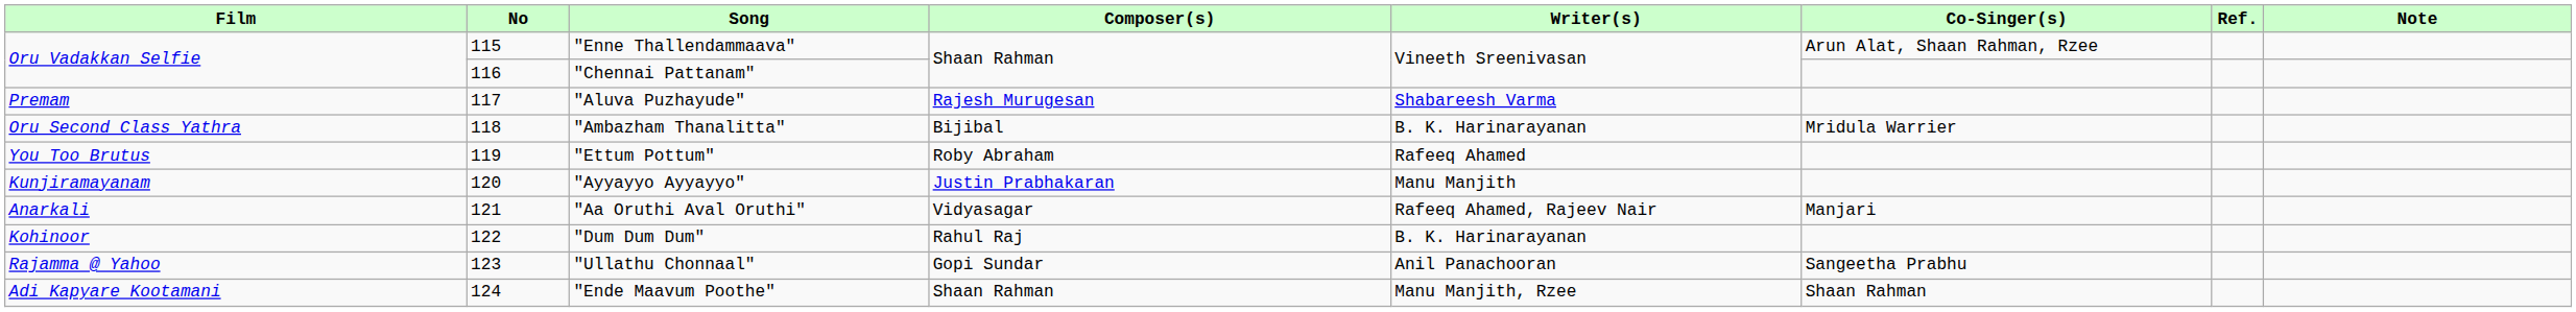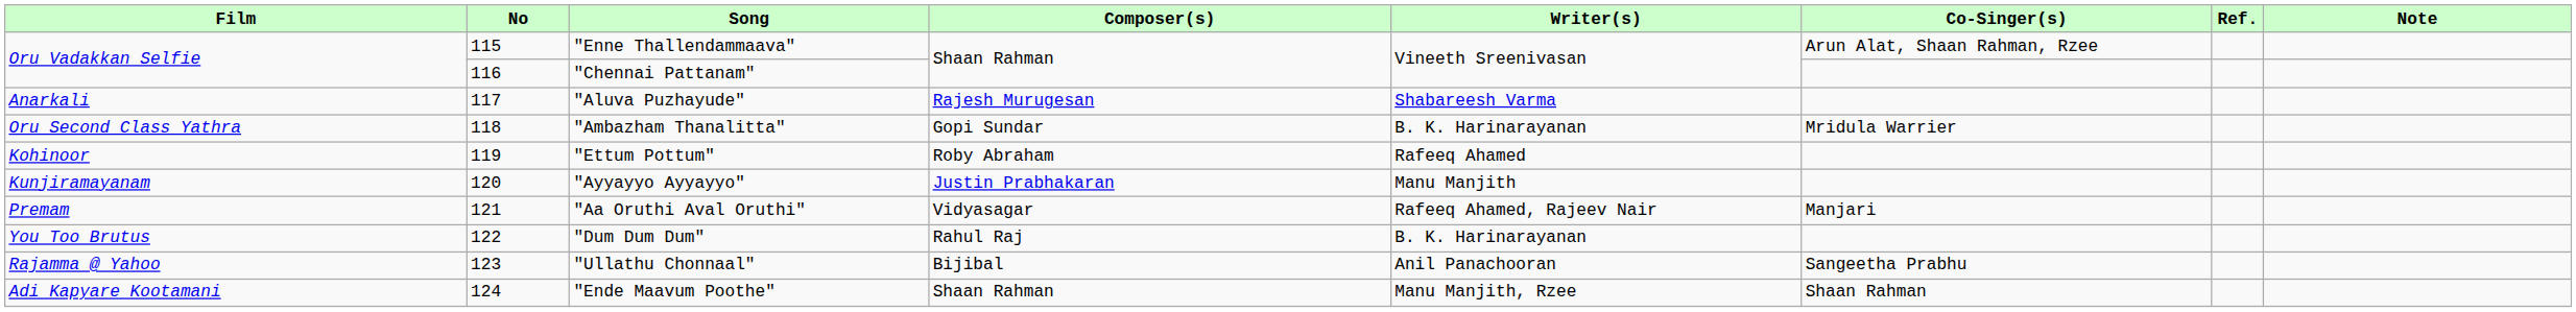 <table class="wikitable plainrowheaders" style="width:100%;" textcolor:#000;" style="align:center;">
 <tr style="background:#cfc; text-align:center;">
 <td scope="col" style="width:18%;"><strong>Film</strong></td>
 <td scope="col" style="width:4%;"><strong>No</strong></td>
 <td scope="col" style="width:14%;"><strong>Song</strong></td>
 <td scope="col" style="width:18%;"><strong>Composer(s)</strong></td>
 <td scope="col" style="width:16%;"><strong>Writer(s)</strong></td>
 <td scope="col" style="width:16%;"><strong>Co-Singer(s)</strong></td>
 <td scope="col" style="width:2%;"><strong>Ref.</strong></td>
 <td scope="col" style="width:12%;"><strong>Note</strong></td>
 </tr>
 <tr>
 <td rowspan="2"><em><a href='#'>Oru Vadakkan Selfie</a></em></td>
 <td>115</td>
 <td>"Enne Thallendammaava"</td>
 <td rowspan="2">Shaan Rahman</td>
 <td rowspan="2">Vineeth Sreenivasan</td>
 <td>Arun Alat, Shaan Rahman, Rzee</td>
 <td></td>
 <td></td>
 </tr>
 <tr>
 <td>116</td>
 <td>"Chennai Pattanam"</td>
 <td></td>
 <td></td>
 <td></td>
 </tr>
 <tr>
-<td><em><a href='#'>Premam</a></em></td>
+<td><a href='#'><em>Anarkali</em></a></td>
 <td>117</td>
 <td>"Aluva Puzhayude"</td>
 <td><a href='#'>Rajesh Murugesan</a></td>
 <td><a href='#'>Shabareesh Varma</a></td>
 <td></td>
 <td></td>
 <td></td>
 </tr>
 <tr>
 <td><em><a href='#'>Oru Second Class Yathra</a></em></td>
 <td>118</td>
 <td>"Ambazham Thanalitta"</td>
-<td>Bijibal</td>
+<td>Gopi Sundar</td>
 <td>B. K. Harinarayanan</td>
 <td>Mridula Warrier</td>
 <td></td>
 <td></td>
 </tr>
 <tr>
-<td><a href='#'><em>You Too Brutus</em></a></td>
+<td><a href='#'><em>Kohinoor</em></a></td>
 <td>119</td>
 <td>"Ettum Pottum"</td>
 <td>Roby Abraham</td>
 <td>Rafeeq Ahamed</td>
 <td></td>
 <td></td>
 <td></td>
 </tr>
 <tr>
 <td><em><a href='#'>Kunjiramayanam</a></em></td>
 <td>120</td>
 <td>"Ayyayyo Ayyayyo"</td>
 <td><a href='#'>Justin Prabhakaran</a></td>
 <td>Manu Manjith</td>
 <td></td>
 <td></td>
 <td></td>
 </tr>
 <tr>
-<td><a href='#'><em>Anarkali</em></a></td>
+<td><em><a href='#'>Premam</a></em></td>
 <td>121</td>
 <td>"Aa Oruthi Aval Oruthi"</td>
 <td>Vidyasagar</td>
 <td>Rafeeq Ahamed, Rajeev Nair</td>
 <td>Manjari</td>
 <td></td>
 <td></td>
 </tr>
 <tr>
-<td><a href='#'><em>Kohinoor</em></a></td>
+<td><a href='#'><em>You Too Brutus</em></a></td>
 <td>122</td>
 <td>"Dum Dum Dum"</td>
 <td>Rahul Raj</td>
 <td>B. K. Harinarayanan</td>
 <td></td>
 <td></td>
 <td></td>
 </tr>
 <tr>
 <td><em><a href='#'>Rajamma @ Yahoo</a></em></td>
 <td>123</td>
 <td>"Ullathu Chonnaal"</td>
-<td>Gopi Sundar</td>
+<td>Bijibal</td>
 <td>Anil Panachooran</td>
 <td>Sangeetha Prabhu</td>
 <td></td>
 <td></td>
 </tr>
 <tr>
 <td><em><a href='#'>Adi Kapyare Kootamani</a></em></td>
 <td>124</td>
 <td>"Ende Maavum Poothe"</td>
 <td>Shaan Rahman</td>
 <td>Manu Manjith, Rzee</td>
 <td>Shaan Rahman</td>
 <td></td>
 <td></td>
 </tr>
 </table>
